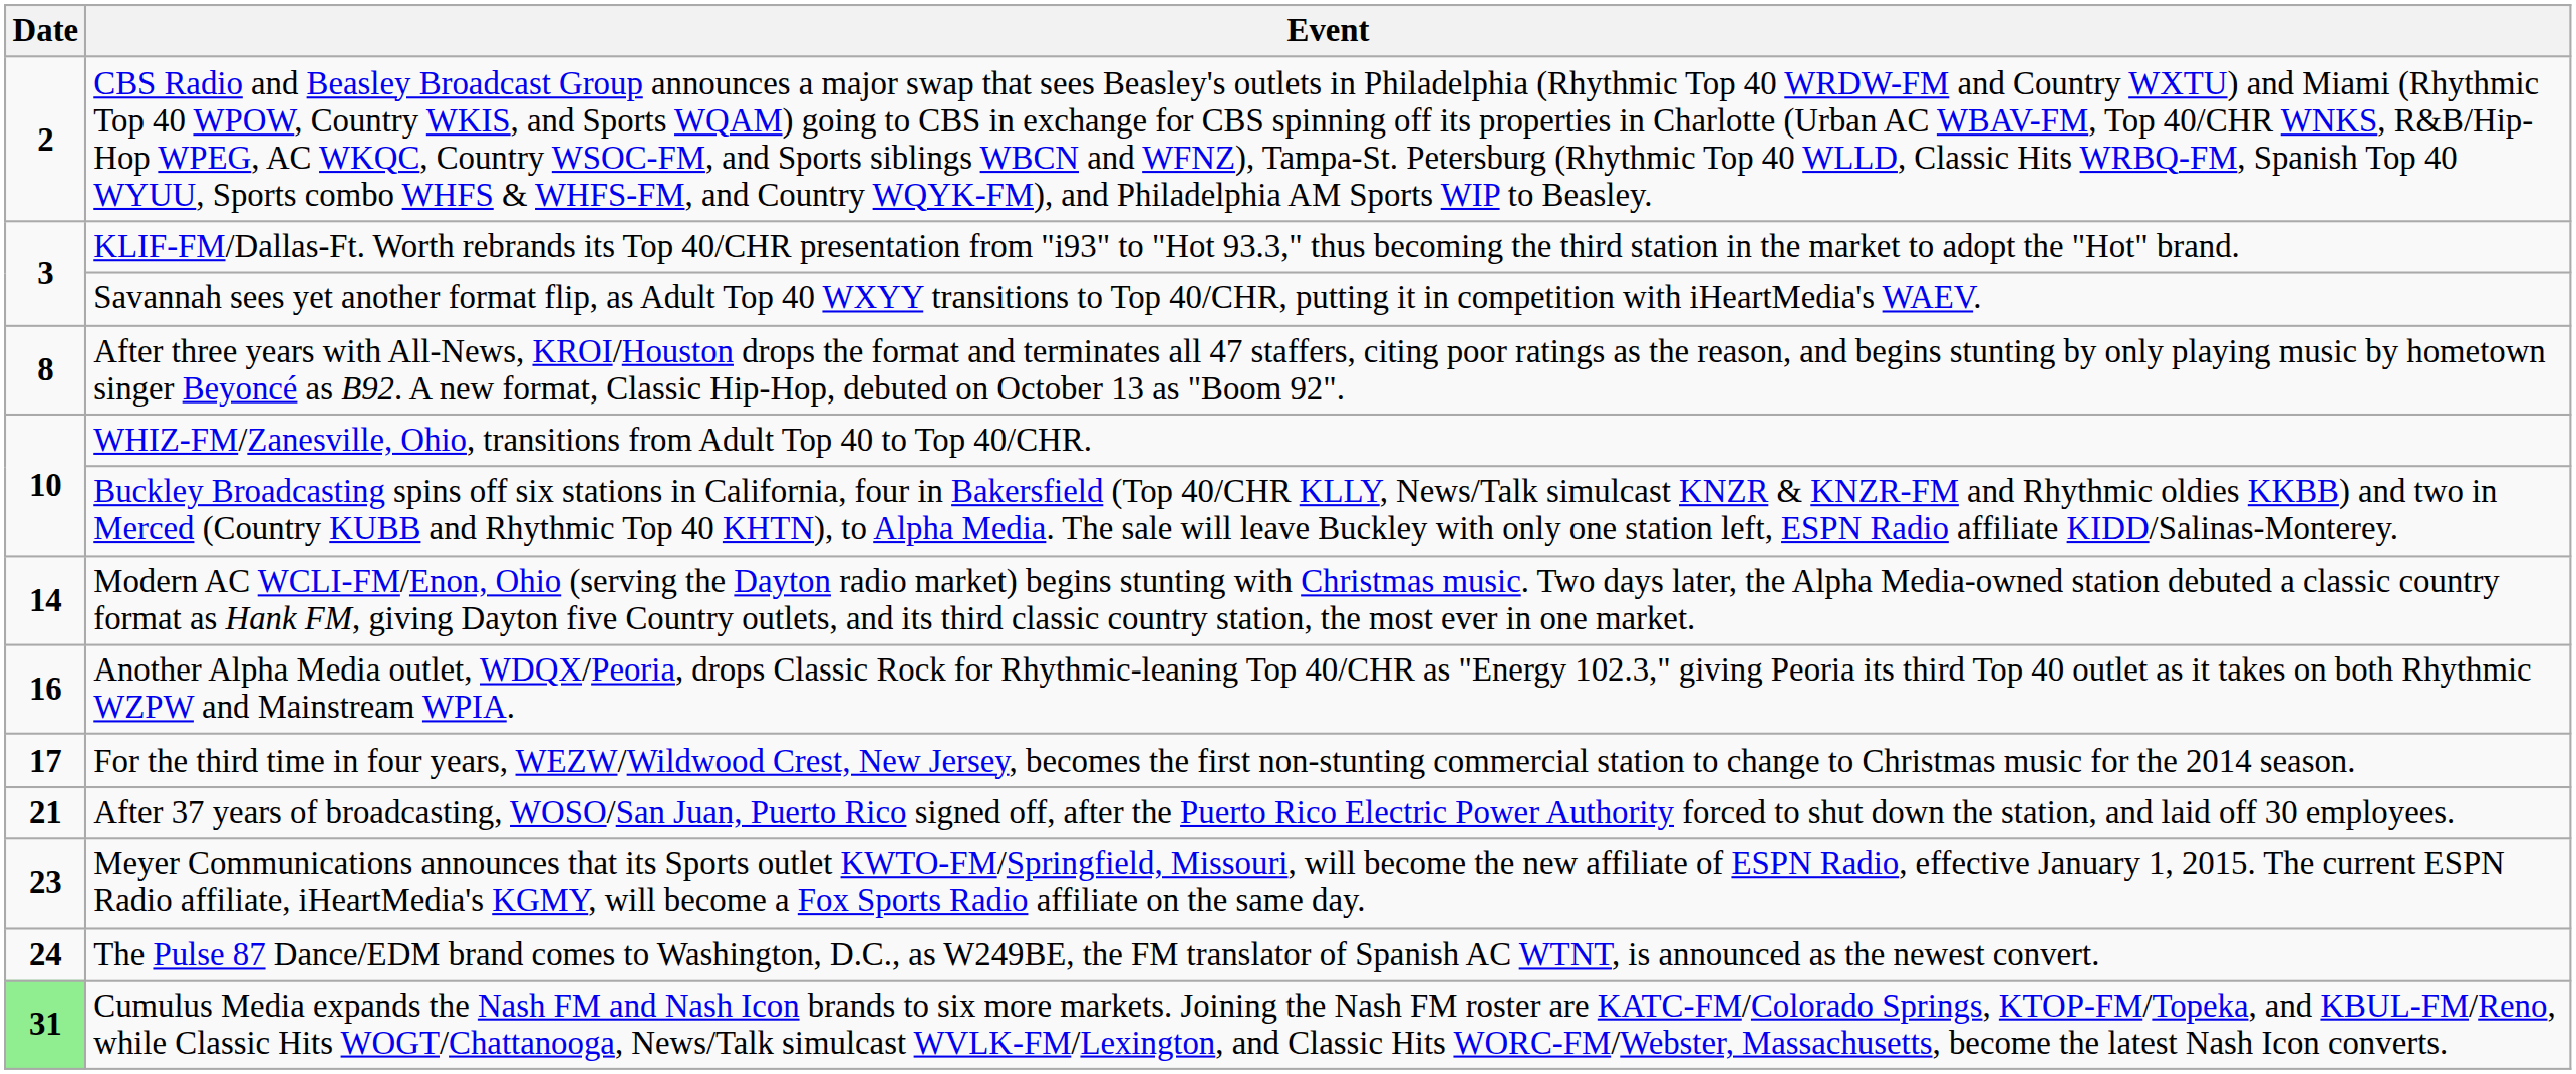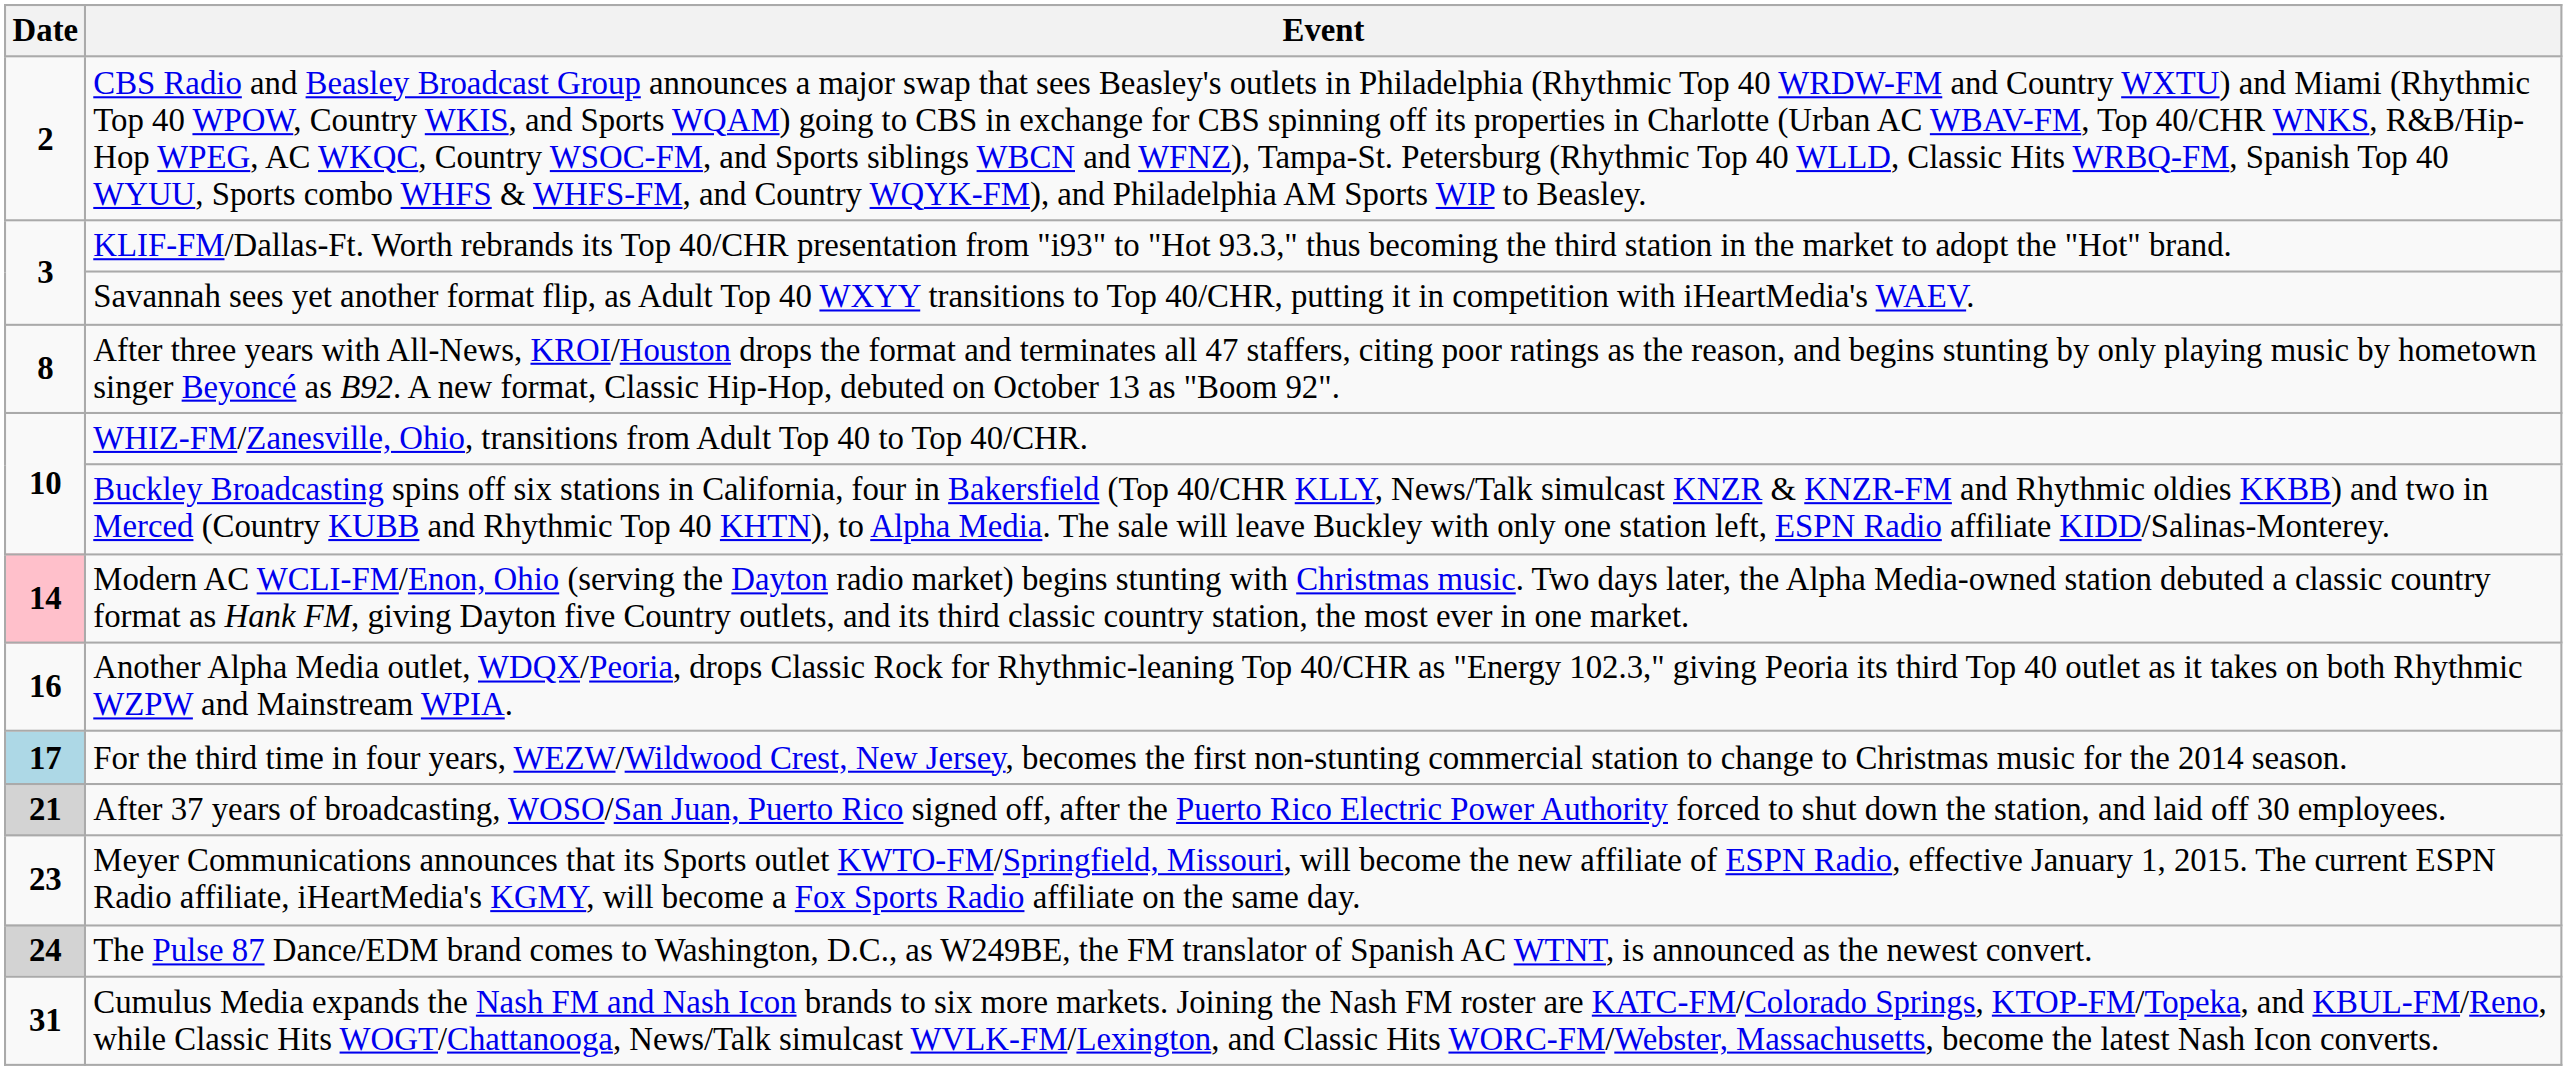 <table class="wikitable">
 <tr>
 <th>Date</th>
 <th>Event</th>
 </tr>
 <tr>
 <td style="text-align:center;"><strong>2</strong></td>
 <td><a href='#'>CBS Radio</a> and <a href='#'>Beasley Broadcast Group</a> announces a major swap that sees Beasley's outlets in Philadelphia (Rhythmic Top 40 <a href='#'>WRDW-FM</a> and Country <a href='#'>WXTU</a>) and Miami (Rhythmic Top 40 <a href='#'>WPOW</a>, Country <a href='#'>WKIS</a>, and Sports <a href='#'>WQAM</a>) going to CBS in exchange for CBS spinning off its properties in Charlotte (Urban AC <a href='#'>WBAV-FM</a>, Top 40/CHR <a href='#'>WNKS</a>, R&B/Hip-Hop <a href='#'>WPEG</a>, AC <a href='#'>WKQC</a>, Country <a href='#'>WSOC-FM</a>, and Sports siblings <a href='#'>WBCN</a> and <a href='#'>WFNZ</a>), Tampa-St. Petersburg (Rhythmic Top 40 <a href='#'>WLLD</a>, Classic Hits <a href='#'>WRBQ-FM</a>, Spanish Top 40 <a href='#'>WYUU</a>, Sports combo <a href='#'>WHFS</a> & <a href='#'>WHFS-FM</a>, and Country <a href='#'>WQYK-FM</a>), and Philadelphia AM Sports <a href='#'>WIP</a> to Beasley.</td>
 </tr>
 <tr>
 <td style="text-align:center;" rowspan=2><strong>3</strong></td>
 <td><a href='#'>KLIF-FM</a>/Dallas-Ft. Worth rebrands its Top 40/CHR presentation from "i93" to "Hot 93.3," thus becoming the third station in the market to adopt the "Hot" brand.</td>
 </tr>
 <tr>
 <td>Savannah sees yet another format flip, as Adult Top 40 <a href='#'>WXYY</a> transitions to Top 40/CHR, putting it in competition with iHeartMedia's <a href='#'>WAEV</a>.</td>
 </tr>
 <tr>
 <td style="text-align:center;"><strong>8</strong></td>
 <td>After three years with All-News, <a href='#'>KROI</a>/<a href='#'>Houston</a> drops the format and terminates all 47 staffers, citing poor ratings as the reason, and begins stunting by only playing music by hometown singer <a href='#'>Beyoncé</a> as <em>B92</em>. A new format, Classic Hip-Hop, debuted on October 13 as "Boom 92".</td>
 </tr>
 <tr>
 <td style="text-align:center;" rowspan=2><strong>10</strong></td>
 <td><a href='#'>WHIZ-FM</a>/<a href='#'>Zanesville, Ohio</a>, transitions from Adult Top 40 to Top 40/CHR.</td>
 </tr>
 <tr>
 <td><a href='#'>Buckley Broadcasting</a> spins off six stations in California, four in <a href='#'>Bakersfield</a> (Top 40/CHR <a href='#'>KLLY</a>, News/Talk simulcast <a href='#'>KNZR</a> & <a href='#'>KNZR-FM</a> and Rhythmic oldies <a href='#'>KKBB</a>) and two in <a href='#'>Merced</a> (Country <a href='#'>KUBB</a> and Rhythmic Top 40 <a href='#'>KHTN</a>), to <a href='#'>Alpha Media</a>. The sale will leave Buckley with only one station left, <a href='#'>ESPN Radio</a> affiliate <a href='#'>KIDD</a>/Salinas-Monterey.</td>
 </tr>
 <tr>
-<td style="text-align:center;"><strong>14</strong></td>
+<td style="background: pink; text-align:center;"><strong>14</strong></td>
 <td>Modern AC <a href='#'>WCLI-FM</a>/<a href='#'>Enon, Ohio</a> (serving the <a href='#'>Dayton</a> radio market) begins stunting with <a href='#'>Christmas music</a>. Two days later, the Alpha Media-owned station debuted a classic country format as <em>Hank FM</em>, giving Dayton five Country outlets, and its third classic country station, the most ever in one market.</td>
 </tr>
 <tr>
 <td style="text-align:center;"><strong>16</strong></td>
 <td>Another Alpha Media outlet, <a href='#'>WDQX</a>/<a href='#'>Peoria</a>, drops Classic Rock for Rhythmic-leaning Top 40/CHR as "Energy 102.3," giving Peoria its third Top 40 outlet as it takes on both Rhythmic <a href='#'>WZPW</a> and Mainstream <a href='#'>WPIA</a>.</td>
 </tr>
 <tr>
-<td style="text-align:center;"><strong>17</strong></td>
+<td style="background: lightblue; text-align:center;"><strong>17</strong></td>
 <td>For the third time in four years, <a href='#'>WEZW</a>/<a href='#'>Wildwood Crest, New Jersey</a>, becomes the first non-stunting commercial station to change to Christmas music for the 2014 season.</td>
 </tr>
 <tr>
-<td style="text-align:center;"><strong>21</strong></td>
+<td style="background: lightgrey; text-align:center;"><strong>21</strong></td>
 <td>After 37 years of broadcasting, <a href='#'>WOSO</a>/<a href='#'>San Juan, Puerto Rico</a> signed off, after the <a href='#'>Puerto Rico Electric Power Authority</a> forced to shut down the station, and laid off 30 employees.</td>
 </tr>
 <tr>
 <td style="text-align:center;"><strong>23</strong></td>
 <td>Meyer Communications announces that its Sports outlet <a href='#'>KWTO-FM</a>/<a href='#'>Springfield, Missouri</a>, will become the new affiliate of <a href='#'>ESPN Radio</a>, effective January 1, 2015. The current ESPN Radio affiliate, iHeartMedia's <a href='#'>KGMY</a>, will become a <a href='#'>Fox Sports Radio</a> affiliate on the same day.</td>
 </tr>
 <tr>
-<td style="text-align:center;"><strong>24</strong></td>
+<td style="background: lightgrey; text-align:center;"><strong>24</strong></td>
 <td>The <a href='#'>Pulse 87</a> Dance/EDM brand comes to Washington, D.C., as W249BE, the FM translator of Spanish AC <a href='#'>WTNT</a>, is announced as the newest convert.</td>
 </tr>
 <tr>
-<td style="background: lightgreen; text-align:center;"><strong>31</strong></td>
+<td style="text-align:center;"><strong>31</strong></td>
 <td>Cumulus Media expands the <a href='#'>Nash FM and Nash Icon</a> brands to six more markets. Joining the Nash FM roster are <a href='#'>KATC-FM</a>/<a href='#'>Colorado Springs</a>, <a href='#'>KTOP-FM</a>/<a href='#'>Topeka</a>, and <a href='#'>KBUL-FM</a>/<a href='#'>Reno</a>, while Classic Hits <a href='#'>WOGT</a>/<a href='#'>Chattanooga</a>, News/Talk simulcast <a href='#'>WVLK-FM</a>/<a href='#'>Lexington</a>, and Classic Hits <a href='#'>WORC-FM</a>/<a href='#'>Webster, Massachusetts</a>, become the latest Nash Icon converts.</td>
 </tr>
 </table>
